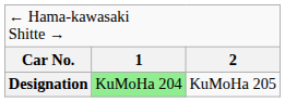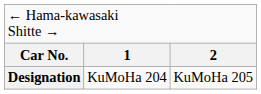 <table class="wikitable">
 <tr>
 <td colspan="3"><div>← Hama-kawasaki</div><div>Shitte →</div></td>
 </tr>
 <tr>
 <th>Car No.</th>
 <th>1</th>
 <th>2</th>
 </tr>
 <tr>
 <th>Designation</th>
-<td style="background: lightgreen;">KuMoHa 204</td>
+<td>KuMoHa 204</td>
 <td>KuMoHa 205</td>
 </tr>
 </table>
